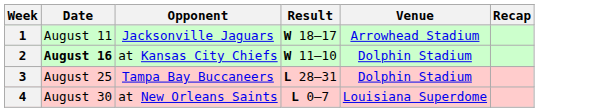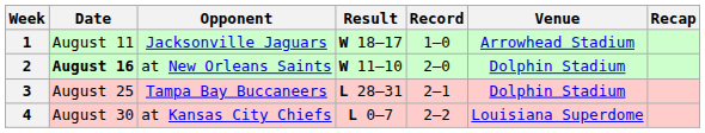 <table class="wikitable" style="text-align:center">
 <tr>
 <th>Week</th>
 <th>Date</th>
 <th>Opponent</th>
 <th>Result</th>
+<th>Record</th>
 <th>Venue</th>
 <th>Recap</th>
 </tr>
 <tr style="background:#cfc;">
 <th>1</th>
 <td>August 11</td>
 <td><a href='#'>Jacksonville Jaguars</a></td>
 <td><strong>W</strong> 18–17</td>
+<td>1–0</td>
 <td><a href='#'>Arrowhead Stadium</a></td>
 <td></td>
 </tr>
 <tr style="background:#cfc;">
 <th>2</th>
 <td><strong>August 16</strong></td>
-<td>at <a href='#'>Kansas City Chiefs</a></td>
+<td>at <a href='#'>New Orleans Saints</a></td>
 <td><strong>W</strong> 11–10</td>
+<td>2–0</td>
 <td><a href='#'>Dolphin Stadium</a></td>
 <td></td>
 </tr>
 <tr style="background:#fcc;">
 <th>3</th>
 <td>August 25</td>
 <td><a href='#'>Tampa Bay Buccaneers</a></td>
 <td><strong>L</strong> 28–31</td>
+<td>2–1</td>
 <td><a href='#'>Dolphin Stadium</a></td>
 <td></td>
 </tr>
 <tr style="background:#fcc;">
 <th>4</th>
 <td>August 30</td>
-<td>at <a href='#'>New Orleans Saints</a></td>
+<td>at <a href='#'>Kansas City Chiefs</a></td>
 <td><strong>L</strong> 0–7</td>
+<td>2–2</td>
 <td><a href='#'>Louisiana Superdome</a></td>
 <td></td>
 </tr>
 </table>
